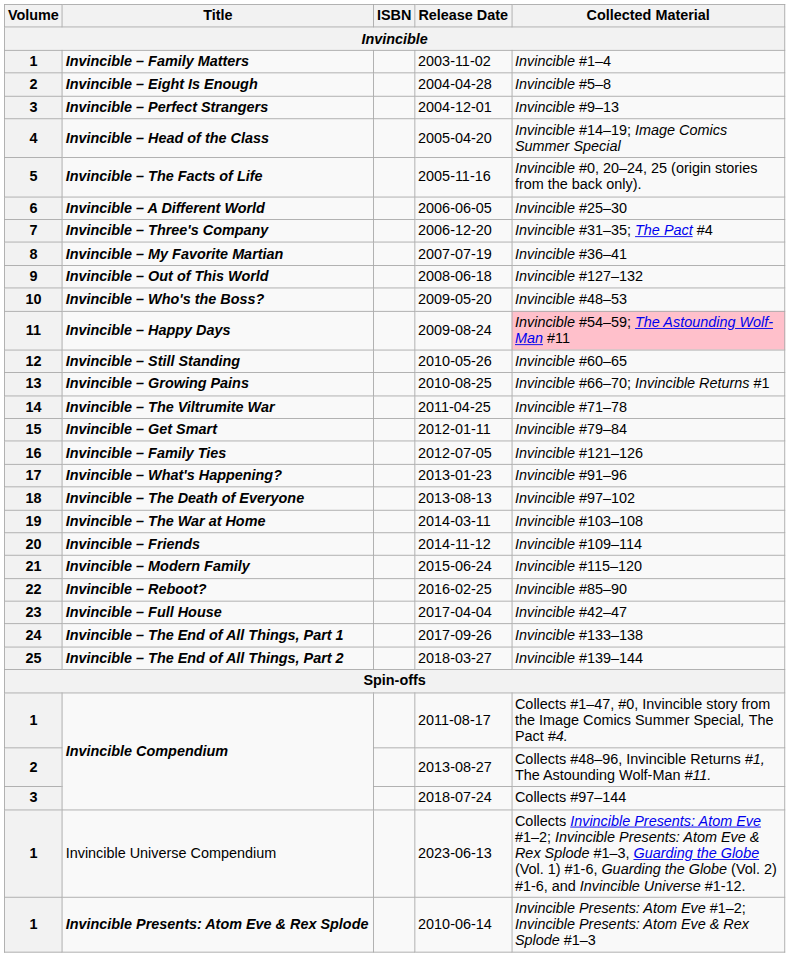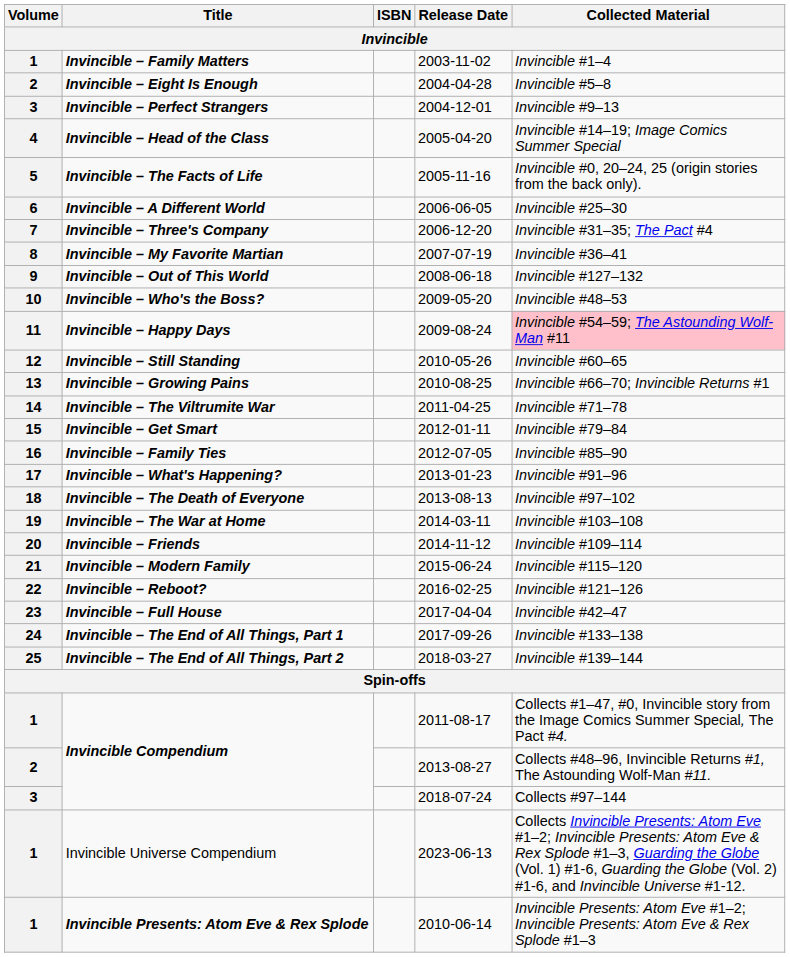 <table class="wikitable">
 <tr>
 <th>Volume</th>
 <th>Title</th>
 <th>ISBN</th>
 <th>Release Date</th>
 <th width="35%">Collected Material</th>
 </tr>
 <tr>
 <th colspan="5"><em>Invincible</em></th>
 </tr>
 <tr>
 <th>1</th>
 <td><strong><em>Invincible – Family Matters</em></strong></td>
 <td></td>
 <td>2003-11-02</td>
 <td><em>Invincible</em> #1–4</td>
 </tr>
 <tr>
 <th>2</th>
 <td><strong><em>Invincible – Eight Is Enough</em></strong></td>
 <td></td>
 <td>2004-04-28</td>
 <td><em>Invincible</em> #5–8</td>
 </tr>
 <tr>
 <th>3</th>
 <td><strong><em>Invincible – Perfect Strangers</em></strong></td>
 <td></td>
 <td>2004-12-01</td>
 <td><em>Invincible</em> #9–13</td>
 </tr>
 <tr>
 <th>4</th>
 <td><strong><em>Invincible – Head of the Class</em></strong></td>
 <td></td>
 <td>2005-04-20</td>
 <td><em>Invincible</em> #14–19; <em>Image Comics Summer Special</em></td>
 </tr>
 <tr>
 <th>5</th>
 <td><strong><em>Invincible – The Facts of Life</em></strong></td>
 <td></td>
 <td>2005-11-16</td>
 <td><em>Invincible</em> #0, 20–24, 25 (origin stories from the back only).</td>
 </tr>
 <tr>
 <th>6</th>
 <td><strong><em>Invincible – A Different World</em></strong></td>
 <td></td>
 <td>2006-06-05</td>
 <td><em>Invincible</em> #25–30</td>
 </tr>
 <tr>
 <th>7</th>
 <td><strong><em>Invincible – Three's Company</em></strong></td>
 <td></td>
 <td>2006-12-20</td>
 <td><em>Invincible</em> #31–35; <em><a href='#'>The Pact</a></em> #4</td>
 </tr>
 <tr>
 <th>8</th>
 <td><strong><em>Invincible – My Favorite Martian</em></strong></td>
 <td></td>
 <td>2007-07-19</td>
 <td><em>Invincible</em> #36–41</td>
 </tr>
 <tr>
 <th>9</th>
 <td><strong><em>Invincible – Out of This World</em></strong></td>
 <td></td>
 <td>2008-06-18</td>
 <td><em>Invincible</em> #127–132</td>
 </tr>
 <tr>
 <th>10</th>
 <td><strong><em>Invincible – Who's the Boss?</em></strong></td>
 <td></td>
 <td>2009-05-20</td>
 <td><em>Invincible</em> #48–53</td>
 </tr>
 <tr>
 <th>11</th>
 <td><strong><em>Invincible – Happy Days</em></strong></td>
 <td></td>
 <td>2009-08-24</td>
 <td style="background: pink;"><em>Invincible</em> #54–59; <em><a href='#'>The Astounding Wolf-Man</a></em> #11</td>
 </tr>
 <tr>
 <th>12</th>
 <td><strong><em>Invincible – Still Standing</em></strong></td>
 <td></td>
 <td>2010-05-26</td>
 <td><em>Invincible</em> #60–65</td>
 </tr>
 <tr>
 <th>13</th>
 <td><strong><em>Invincible – Growing Pains</em></strong></td>
 <td></td>
 <td>2010-08-25</td>
 <td><em>Invincible</em> #66–70; <em>Invincible Returns</em> #1</td>
 </tr>
 <tr>
 <th>14</th>
 <td><strong><em>Invincible – The Viltrumite War</em></strong></td>
 <td></td>
 <td>2011-04-25</td>
 <td><em>Invincible</em> #71–78</td>
 </tr>
 <tr>
 <th>15</th>
 <td><strong><em>Invincible – Get Smart</em></strong></td>
 <td></td>
 <td>2012-01-11</td>
 <td><em>Invincible</em> #79–84</td>
 </tr>
 <tr>
 <th>16</th>
 <td><strong><em>Invincible – Family Ties</em></strong></td>
 <td></td>
 <td>2012-07-05</td>
-<td><em>Invincible</em> #121–126</td>
+<td><em>Invincible</em> #85–90</td>
 </tr>
 <tr>
 <th>17</th>
 <td><strong><em>Invincible – What's Happening?</em></strong></td>
 <td></td>
 <td>2013-01-23</td>
 <td><em>Invincible</em> #91–96</td>
 </tr>
 <tr>
 <th>18</th>
 <td><strong><em>Invincible – The Death of Everyone</em></strong></td>
 <td></td>
 <td>2013-08-13</td>
 <td><em>Invincible</em> #97–102</td>
 </tr>
 <tr>
 <th>19</th>
 <td><strong><em>Invincible – The War at Home</em></strong></td>
 <td></td>
 <td>2014-03-11</td>
 <td><em>Invincible</em> #103–108</td>
 </tr>
 <tr>
 <th>20</th>
 <td><strong><em>Invincible – Friends</em></strong></td>
 <td></td>
 <td>2014-11-12</td>
 <td><em>Invincible</em> #109–114</td>
 </tr>
 <tr>
 <th>21</th>
 <td><strong><em>Invincible – Modern Family</em></strong></td>
 <td></td>
 <td>2015-06-24</td>
 <td><em>Invincible</em> #115–120</td>
 </tr>
 <tr>
 <th>22</th>
 <td><strong><em>Invincible – Reboot?</em></strong></td>
 <td></td>
 <td>2016-02-25</td>
-<td><em>Invincible</em> #85–90</td>
+<td><em>Invincible</em> #121–126</td>
 </tr>
 <tr>
 <th>23</th>
 <td><strong><em>Invincible – Full House</em></strong></td>
 <td></td>
 <td>2017-04-04</td>
 <td><em>Invincible</em> #42–47</td>
 </tr>
 <tr>
 <th>24</th>
 <td><strong><em>Invincible – The End of All Things, Part 1</em></strong></td>
 <td></td>
 <td>2017-09-26</td>
 <td><em>Invincible</em> #133–138</td>
 </tr>
 <tr>
 <th>25</th>
 <td><strong><em>Invincible – The End of All Things, Part 2</em></strong></td>
 <td></td>
 <td>2018-03-27</td>
 <td><em>Invincible</em> #139–144</td>
 </tr>
 <tr>
 <th colspan="5">Spin-offs</th>
 </tr>
 <tr>
 <th>1</th>
 <td rowspan="3"><strong><em>Invincible<em> Compendium<strong></td>
 <td></td>
 <td>2011-08-17</td>
 <td>Collects #1–47, #0, Invincible story from the </em>Image Comics Summer Special<em>, </em>The Pact<em> #4.</td>
 </tr>
 <tr>
 <th>2</th>
 <td></td>
 <td>2013-08-27</td>
 <td>Collects #48–96, </em>Invincible Returns<em> #1, </em>The Astounding Wolf-Man<em> #11.</td>
 </tr>
 <tr>
 <th>3</th>
 <td></td>
 <td>2018-07-24</td>
 <td>Collects #97–144</td>
 </tr>
 <tr>
 <th>1</th>
 <td></em></strong>Invincible Universe</em> Compendium</strong></td>
 <td></td>
 <td>2023-06-13</td>
 <td>Collects <em><a href='#'>Invincible Presents: Atom Eve</a></em> #1–2; <em>Invincible Presents: Atom Eve & Rex Splode</em> #1–3, <em><a href='#'>Guarding the Globe</a></em> (Vol. 1) #1-6, <em>Guarding the Globe</em> (Vol. 2) #1-6, and <em>Invincible Universe</em> #1-12.</td>
 </tr>
 <tr>
 <th>1</th>
 <td><strong><em>Invincible Presents: Atom Eve & Rex Splode</em></strong></td>
 <td></td>
 <td>2010-06-14</td>
 <td><em>Invincible Presents: Atom Eve</em> #1–2; <em>Invincible Presents: Atom Eve & Rex Splode</em> #1–3</td>
 </tr>
 </table>
